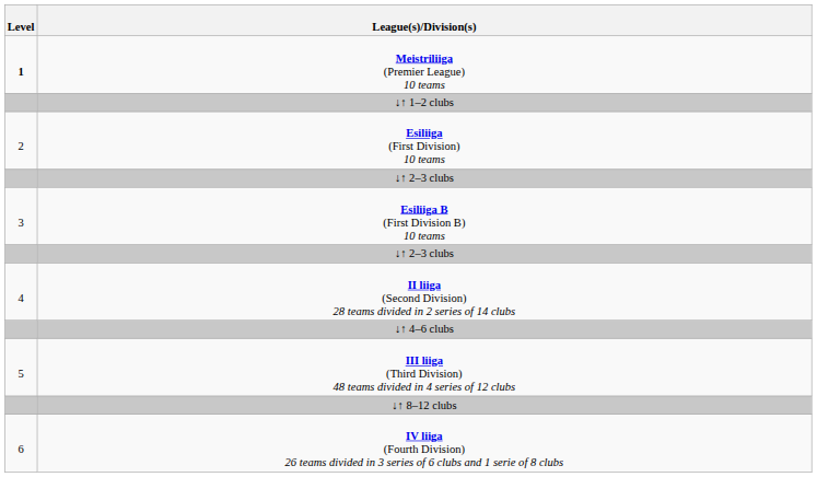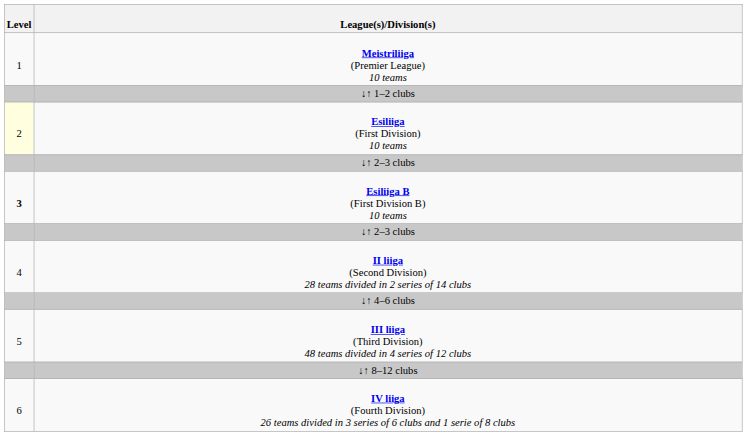 <table class="wikitable" style="text-align: center;">
 <tr>
 <th colspan="1" width="4%"><br>Level</th>
 <th colspan="8" width="96%"><br>League(s)/Division(s)</th>
 </tr>
 <tr>
-<td colspan="1" width="4%"><strong><br>1</strong></td>
+<td colspan="1" width="4%"><br>1</td>
 <td colspan="8" width="96%"><br><strong><a href='#'>Meistriliiga</a></strong><br> (Premier League)<br> <em>10 teams</em></td>
 </tr>
 <tr style="background:#c8c8c8">
 <td style="width:4%;"></td>
 <td colspan="9" style="width:96%;">↓↑ 1–2 clubs</td>
 </tr>
 <tr>
-<td colspan="1" width="4%"><br>2</td>
+<td colspan="1" width="4%" style="background: lightyellow;"><br>2</td>
 <td colspan="8" width="96%"><br><strong><a href='#'>Esiliiga</a></strong><br> (First Division)<br> <em>10 teams</em></td>
 </tr>
 <tr style="background:#c8c8c8">
 <td style="width:4%;"></td>
 <td colspan="9" style="width:96%;">↓↑ 2–3 clubs</td>
 </tr>
 <tr>
-<td colspan="1" width="4%"><br>3</td>
+<td colspan="1" width="4%"><strong><br>3</strong></td>
 <td colspan="8" width="96%"><br><strong><a href='#'>Esiliiga B</a></strong><br> (First Division B)<br> <em>10 teams</em></td>
 </tr>
 <tr style="background:#c8c8c8">
 <td style="width:4%;"></td>
 <td colspan="9" style="width:96%;">↓↑ 2–3 clubs</td>
 </tr>
 <tr>
 <td colspan="1" width="4%"><br>4</td>
 <td colspan="8" width="96%"><br><strong><a href='#'>II liiga</a></strong><br> (Second Division)<br> <em>28 teams divided in 2 series of 14 clubs</em></td>
 </tr>
 <tr style="background:#c8c8c8">
 <td style="width:4%;"></td>
 <td colspan="9" style="width:96%;">↓↑ 4–6 clubs</td>
 </tr>
 <tr>
 <td colspan="1" width="4%"><br>5</td>
 <td colspan="8" width="96%"><br><strong><a href='#'>III liiga</a></strong><br> (Third Division)<br> <em>48 teams divided in 4 series of 12 clubs</em></td>
 </tr>
 <tr style="background:#c8c8c8">
 <td style="width:4%;"></td>
 <td colspan="9" style="width:96%;">↓↑ 8–12 clubs</td>
 </tr>
 <tr>
 <td colspan="1" width="4%"><br>6</td>
 <td colspan="8" width="96%"><br><strong><a href='#'>IV liiga</a></strong><br> (Fourth Division)<br> <em>26 teams divided in 3 series of 6 clubs and 1 serie of 8 clubs</em></td>
 </tr>
 </table>
